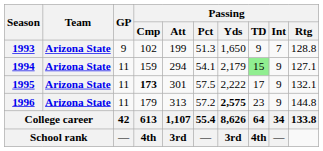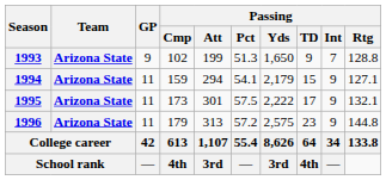 <table class="wikitable" style="text-align:center;">
 <tr>
 <th rowspan="2">Season</th>
 <th rowspan="2">Team</th>
 <th rowspan="2">GP</th>
 <th colspan="7">Passing</th>
 </tr>
 <tr>
 <th>Cmp</th>
 <th>Att</th>
 <th>Pct</th>
 <th>Yds</th>
 <th>TD</th>
 <th>Int</th>
 <th>Rtg</th>
 </tr>
 <tr>
 <th><a href='#'>1993</a></th>
 <th><a href='#'>Arizona State</a></th>
 <td>9</td>
 <td>102</td>
 <td>199</td>
 <td>51.3</td>
 <td>1,650</td>
 <td>9</td>
 <td>7</td>
 <td>128.8</td>
 </tr>
 <tr>
 <th><a href='#'>1994</a></th>
 <th><a href='#'>Arizona State</a></th>
 <td>11</td>
 <td>159</td>
 <td>294</td>
 <td>54.1</td>
 <td>2,179</td>
-<td style="background: lightgreen;">15</td>
+<td>15</td>
 <td>9</td>
 <td>127.1</td>
 </tr>
 <tr>
 <th><a href='#'>1995</a></th>
 <th><a href='#'>Arizona State</a></th>
 <td>11</td>
-<td><strong>173</strong></td>
+<td>173</td>
 <td>301</td>
 <td>57.5</td>
 <td>2,222</td>
 <td>17</td>
 <td>9</td>
 <td>132.1</td>
 </tr>
 <tr>
 <th><a href='#'>1996</a></th>
 <th><a href='#'>Arizona State</a></th>
 <td>11</td>
 <td>179</td>
 <td>313</td>
 <td>57.2</td>
-<td><strong>2,575</strong></td>
+<td>2,575</td>
 <td>23</td>
 <td>9</td>
 <td>144.8</td>
 </tr>
 <tr>
 <th colspan="2">College career</th>
 <th>42</th>
 <th>613</th>
 <th>1,107</th>
 <th>55.4</th>
 <th>8,626</th>
 <th>64</th>
 <th>34</th>
 <th>133.8</th>
 </tr>
 <tr>
 <th colspan="2">School rank</th>
 <th>—</th>
 <th>4th</th>
 <th>3rd</th>
 <th>—</th>
 <th>3rd</th>
 <th>4th</th>
 <th>—</th>
 </tr>
 </table>
